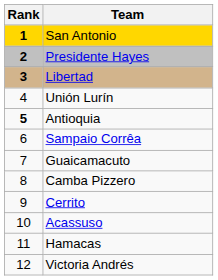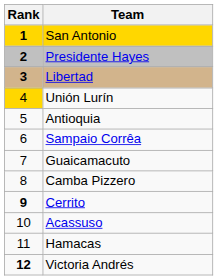 <table class="wikitable" style="text-align:center">
 <tr>
 <th>Rank</th>
 <th width=200>Team</th>
 </tr>
 <tr bgcolor="gold">
 <td><strong>1</strong></td>
 <td align="left"> San Antonio</td>
 </tr>
 <tr bgcolor="silver">
 <td><strong>2</strong></td>
 <td align="left"> <a href='#'>Presidente Hayes</a></td>
 </tr>
 <tr bgcolor="tan">
 <td><strong>3</strong></td>
 <td align="left"> <a href='#'>Libertad</a></td>
 </tr>
 <tr>
-<td>4</td>
+<td style="background: gold;">4</td>
 <td align="left"> Unión Lurín</td>
 </tr>
 <tr>
-<td><strong>5</strong></td>
+<td>5</td>
 <td align="left"> Antioquia</td>
 </tr>
 <tr>
 <td>6</td>
 <td align="left"> <a href='#'>Sampaio Corrêa</a></td>
 </tr>
 <tr>
 <td>7</td>
 <td align="left"> Guaicamacuto</td>
 </tr>
 <tr>
 <td>8</td>
 <td align="left"> Camba Pizzero</td>
 </tr>
 <tr>
-<td>9</td>
+<td><strong>9</strong></td>
 <td align="left"> <a href='#'>Cerrito</a></td>
 </tr>
 <tr>
 <td>10</td>
 <td align="left"> <a href='#'>Acassuso</a></td>
 </tr>
 <tr>
 <td>11</td>
 <td align="left"> Hamacas</td>
 </tr>
 <tr>
-<td>12</td>
+<td><strong>12</strong></td>
 <td align="left"> Victoria Andrés</td>
 </tr>
 </table>
